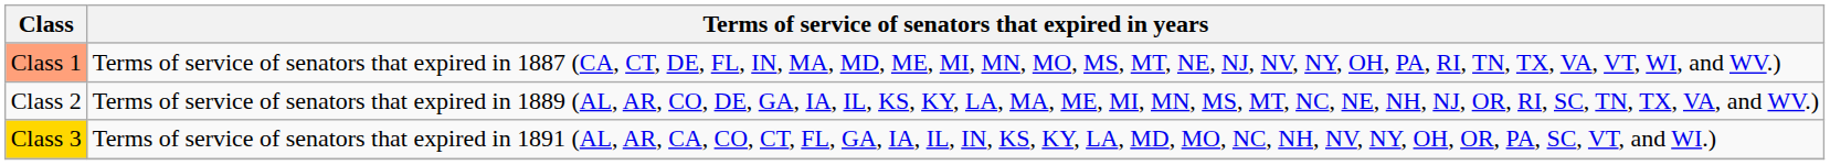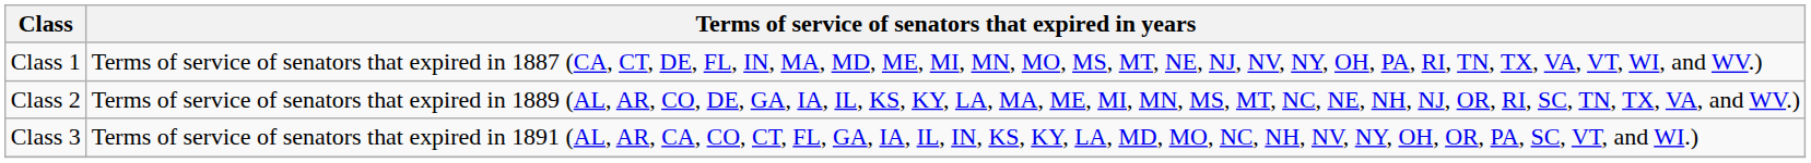 <table class="wikitable sortable">
 <tr valign=bottom>
 <th>Class</th>
 <th>Terms of service of senators that expired in years</th>
 </tr>
 <tr>
-<td style="background: lightsalmon;">Class 1</td>
+<td>Class 1</td>
 <td>Terms of service of senators that expired in 1887 (<a href='#'>CA</a>, <a href='#'>CT</a>, <a href='#'>DE</a>, <a href='#'>FL</a>, <a href='#'>IN</a>, <a href='#'>MA</a>, <a href='#'>MD</a>, <a href='#'>ME</a>, <a href='#'>MI</a>, <a href='#'>MN</a>, <a href='#'>MO</a>, <a href='#'>MS</a>, <a href='#'>MT</a>, <a href='#'>NE</a>, <a href='#'>NJ</a>, <a href='#'>NV</a>, <a href='#'>NY</a>, <a href='#'>OH</a>, <a href='#'>PA</a>, <a href='#'>RI</a>, <a href='#'>TN</a>, <a href='#'>TX</a>, <a href='#'>VA</a>, <a href='#'>VT</a>, <a href='#'>WI</a>, and <a href='#'>WV</a>.)</td>
 </tr>
 <tr>
 <td>Class 2</td>
 <td>Terms of service of senators that expired in 1889 (<a href='#'>AL</a>, <a href='#'>AR</a>, <a href='#'>CO</a>, <a href='#'>DE</a>, <a href='#'>GA</a>, <a href='#'>IA</a>, <a href='#'>IL</a>, <a href='#'>KS</a>, <a href='#'>KY</a>, <a href='#'>LA</a>, <a href='#'>MA</a>, <a href='#'>ME</a>, <a href='#'>MI</a>, <a href='#'>MN</a>, <a href='#'>MS</a>, <a href='#'>MT</a>, <a href='#'>NC</a>, <a href='#'>NE</a>, <a href='#'>NH</a>, <a href='#'>NJ</a>, <a href='#'>OR</a>, <a href='#'>RI</a>, <a href='#'>SC</a>, <a href='#'>TN</a>, <a href='#'>TX</a>, <a href='#'>VA</a>, and <a href='#'>WV</a>.)</td>
 </tr>
 <tr>
-<td style="background: gold;">Class 3</td>
+<td>Class 3</td>
 <td>Terms of service of senators that expired in 1891 (<a href='#'>AL</a>, <a href='#'>AR</a>, <a href='#'>CA</a>, <a href='#'>CO</a>, <a href='#'>CT</a>, <a href='#'>FL</a>, <a href='#'>GA</a>, <a href='#'>IA</a>, <a href='#'>IL</a>, <a href='#'>IN</a>, <a href='#'>KS</a>, <a href='#'>KY</a>, <a href='#'>LA</a>, <a href='#'>MD</a>, <a href='#'>MO</a>, <a href='#'>NC</a>, <a href='#'>NH</a>, <a href='#'>NV</a>, <a href='#'>NY</a>, <a href='#'>OH</a>, <a href='#'>OR</a>, <a href='#'>PA</a>, <a href='#'>SC</a>, <a href='#'>VT</a>, and <a href='#'>WI</a>.)</td>
 </tr>
 <tr>
 </tr>
 </table>
